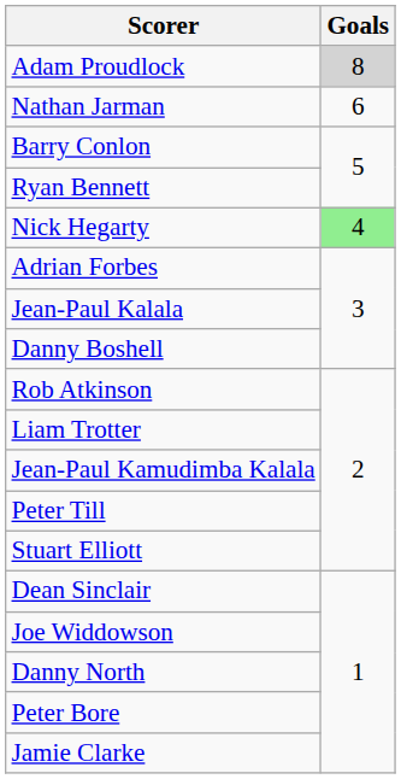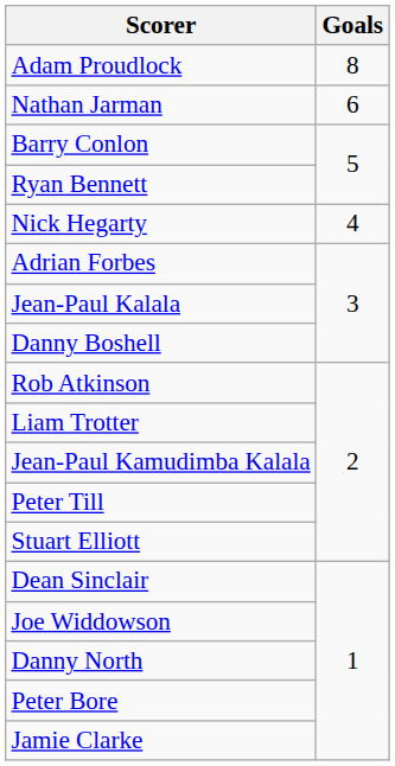 <table class="wikitable">
 <tr>
 <th>Scorer</th>
 <th>Goals</th>
 </tr>
 <tr>
 <td> <a href='#'>Adam Proudlock</a></td>
-<td align=center style="background: lightgrey;">8</td>
+<td align=center>8</td>
 </tr>
 <tr>
 <td> <a href='#'>Nathan Jarman</a></td>
 <td align=center>6</td>
 </tr>
 <tr>
 <td> <a href='#'>Barry Conlon</a></td>
 <td rowspan="2" align=center>5</td>
 </tr>
 <tr>
 <td> <a href='#'>Ryan Bennett</a></td>
 </tr>
 <tr>
 <td> <a href='#'>Nick Hegarty</a></td>
-<td rowspan="1" align=center style="background: lightgreen;">4</td>
+<td rowspan="1" align=center>4</td>
 </tr>
 <tr>
 <td> <a href='#'>Adrian Forbes</a></td>
 <td rowspan="3" align=center>3</td>
 </tr>
 <tr>
 <td> <a href='#'>Jean-Paul Kalala</a></td>
 </tr>
 <tr>
 <td> <a href='#'>Danny Boshell</a></td>
 </tr>
 <tr>
 <td> <a href='#'>Rob Atkinson</a></td>
 <td rowspan="5" align=center>2</td>
 </tr>
 <tr>
 <td> <a href='#'>Liam Trotter</a></td>
 </tr>
 <tr>
 <td> <a href='#'>Jean-Paul Kamudimba Kalala</a></td>
 </tr>
 <tr>
 <td> <a href='#'>Peter Till</a></td>
 </tr>
 <tr>
 <td> <a href='#'>Stuart Elliott</a></td>
 </tr>
 <tr>
 <td> <a href='#'>Dean Sinclair</a></td>
 <td rowspan="5" align=center>1</td>
 </tr>
 <tr>
 <td> <a href='#'>Joe Widdowson</a></td>
 </tr>
 <tr>
 <td> <a href='#'>Danny North</a></td>
 </tr>
 <tr>
 <td> <a href='#'>Peter Bore</a></td>
 </tr>
 <tr>
 <td> <a href='#'>Jamie Clarke</a></td>
 </tr>
 </table>
